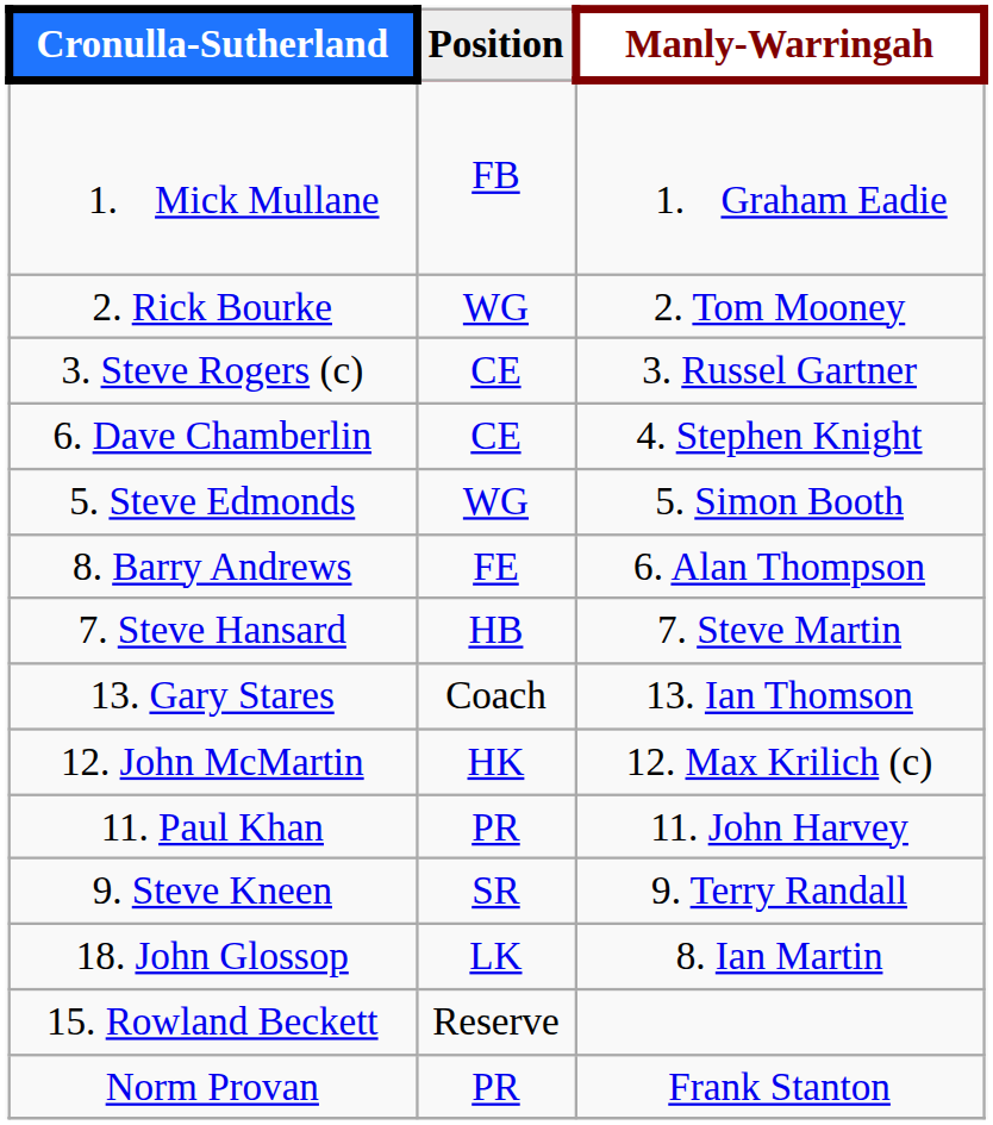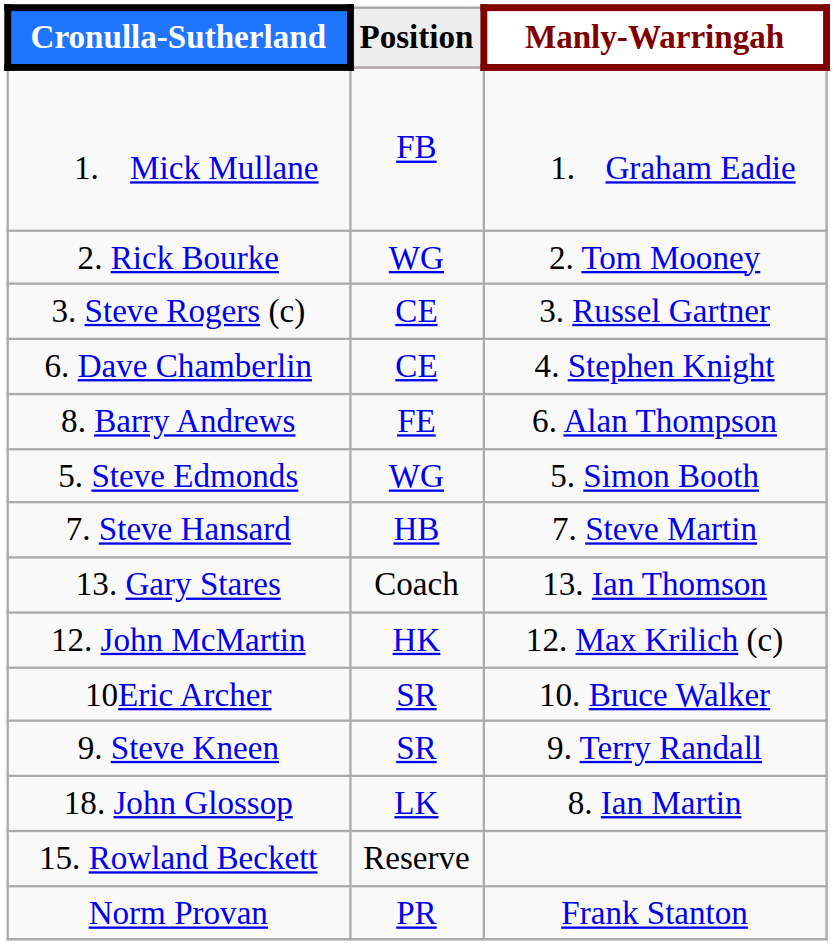 <table align="right" class="wikitable" style="font-size:90%; margin-left:1em">
 <tr bgcolor="#FF0033">
 <th style="width:140px; border:3px solid black; background: #1F75FE; color: white">Cronulla-Sutherland</th>
 <th style="width:40px; text-align:center; background:#eee; color:black;">Position</th>
 <th style="width:140px; border:3px solid maroon; background: white; color: maroon">Manly-Warringah</th>
 </tr>
 <tr align=center>
 <td><br><ol><li><a href='#'>Mick Mullane</a></li></ol></td>
 <td><a href='#'>FB</a></td>
 <td><br><ol><li><a href='#'>Graham Eadie</a></li></ol></td>
 </tr>
 <tr align=center>
 <td>2. <a href='#'>Rick Bourke</a></td>
 <td><a href='#'>WG</a></td>
 <td>2. <a href='#'>Tom Mooney</a></td>
 </tr>
 <tr align=center>
 <td>3. <a href='#'>Steve Rogers</a> (c)</td>
 <td><a href='#'>CE</a></td>
 <td>3. <a href='#'>Russel Gartner</a></td>
 </tr>
 <tr align=center>
 <td>6. <a href='#'>Dave Chamberlin</a></td>
 <td><a href='#'>CE</a></td>
 <td>4. <a href='#'>Stephen Knight</a></td>
 </tr>
 <tr align=center>
+<td>8. <a href='#'>Barry Andrews</a></td>
+<td><a href='#'>FE</a></td>
+<td>6. <a href='#'>Alan Thompson</a></td>
+</tr>
+<tr align=center>
 <td>5. <a href='#'>Steve Edmonds</a></td>
 <td><a href='#'>WG</a></td>
 <td>5. <a href='#'>Simon Booth</a></td>
-</tr>
-<tr align=center>
-<td>8. <a href='#'>Barry Andrews</a></td>
-<td><a href='#'>FE</a></td>
-<td>6. <a href='#'>Alan Thompson</a></td>
 </tr>
 <tr align=center>
 <td>7. <a href='#'>Steve Hansard</a></td>
 <td><a href='#'>HB</a></td>
 <td>7. <a href='#'>Steve Martin</a></td>
 </tr>
 <tr align=center>
 <td>13. <a href='#'>Gary Stares</a></td>
 <td>Coach</td>
 <td>13. <a href='#'>Ian Thomson</a></td>
 </tr>
 <tr align=center>
 <td>12. <a href='#'>John McMartin</a></td>
 <td><a href='#'>HK</a></td>
 <td>12. <a href='#'>Max Krilich</a> (c)</td>
 </tr>
 <tr align=center>
-<td>11. <a href='#'>Paul Khan</a></td>
-<td><a href='#'>PR</a></td>
-<td>11. <a href='#'>John Harvey</a></td>
+<td>10<a href='#'>Eric Archer</a></td>
+<td><a href='#'>SR</a></td>
+<td>10. <a href='#'>Bruce Walker</a></td>
 </tr>
 <tr align=center>
 <td>9. <a href='#'>Steve Kneen</a></td>
 <td><a href='#'>SR</a></td>
 <td>9. <a href='#'>Terry Randall</a></td>
 </tr>
 <tr align=center>
 <td>18. <a href='#'>John Glossop</a></td>
 <td><a href='#'>LK</a></td>
 <td>8. <a href='#'>Ian Martin</a></td>
 </tr>
 <tr align=center>
 <td>15. <a href='#'>Rowland Beckett</a></td>
 <td>Reserve</td>
 <td></td>
 </tr>
 <tr align=center>
 <td><a href='#'>Norm Provan</a></td>
 <td><a href='#'>PR</a></td>
 <td><a href='#'>Frank Stanton</a></td>
 </tr>
 <tr>
 </tr>
 </table>
